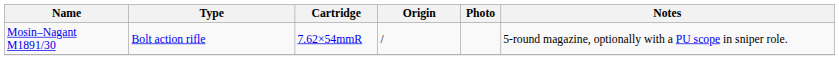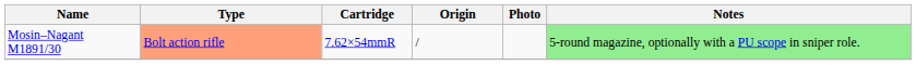 <table class="wikitable sortable" style="width:90%;">
 <tr>
 <th style="width:15%;">Name</th>
 <th style="width:20%;">Type</th>
 <th style="width:10%;">Cartridge</th>
 <th style="width:10%;">Origin</th>
 <th>Photo</th>
 <th>Notes</th>
 </tr>
 <tr>
 <td><a href='#'>Mosin–Nagant M1891/30</a></td>
-<td><a href='#'>Bolt action rifle</a></td>
+<td style="background: lightsalmon;"><a href='#'>Bolt action rifle</a></td>
 <td><a href='#'>7.62×54mmR</a></td>
 <td> /<br></td>
 <td></td>
-<td>5-round magazine, optionally with a <a href='#'>PU scope</a> in sniper role.</td>
+<td style="background: lightgreen;">5-round magazine, optionally with a <a href='#'>PU scope</a> in sniper role.</td>
 </tr>
 <tr>
 </tr>
 </table>
